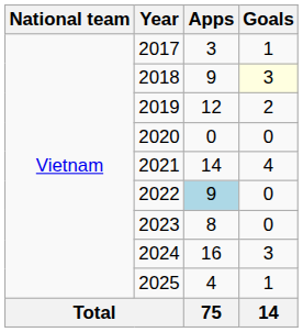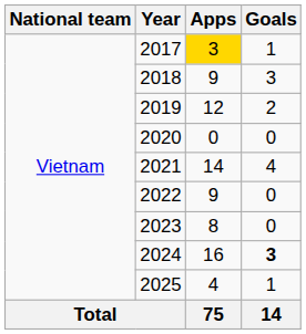 <table class="wikitable" style="text-align:center">
 <tr>
 <th>National team</th>
 <th>Year</th>
 <th>Apps</th>
 <th>Goals</th>
 </tr>
 <tr>
 <td rowspan="9"><a href='#'>Vietnam</a></td>
 <td>2017</td>
-<td>3</td>
+<td style="background: gold;">3</td>
 <td>1</td>
 </tr>
 <tr>
 <td>2018</td>
 <td>9</td>
-<td style="background: lightyellow;">3</td>
+<td>3</td>
 </tr>
 <tr>
 <td>2019</td>
 <td>12</td>
 <td>2</td>
 </tr>
 <tr>
 <td>2020</td>
 <td>0</td>
 <td>0</td>
 </tr>
 <tr>
 <td>2021</td>
 <td>14</td>
 <td>4</td>
 </tr>
 <tr>
 <td>2022</td>
-<td style="background: lightblue;">9</td>
+<td>9</td>
 <td>0</td>
 </tr>
 <tr>
 <td>2023</td>
 <td>8</td>
 <td>0</td>
 </tr>
 <tr>
 <td>2024</td>
 <td>16</td>
-<td>3</td>
+<td><strong>3</strong></td>
 </tr>
 <tr>
 <td>2025</td>
 <td>4</td>
 <td>1</td>
 </tr>
 <tr>
 <th colspan="2">Total</th>
 <th>75</th>
 <th>14</th>
 </tr>
 </table>
